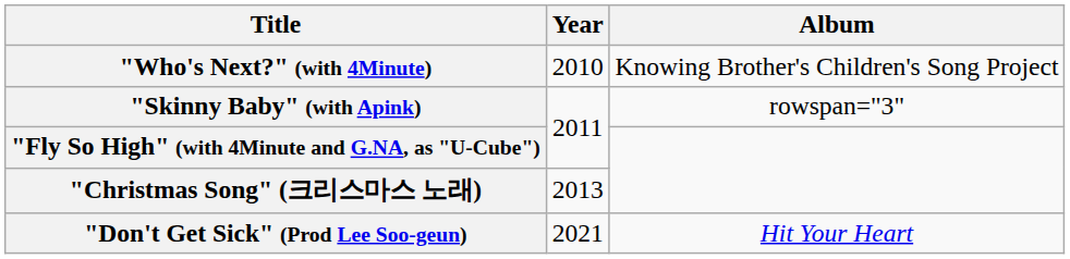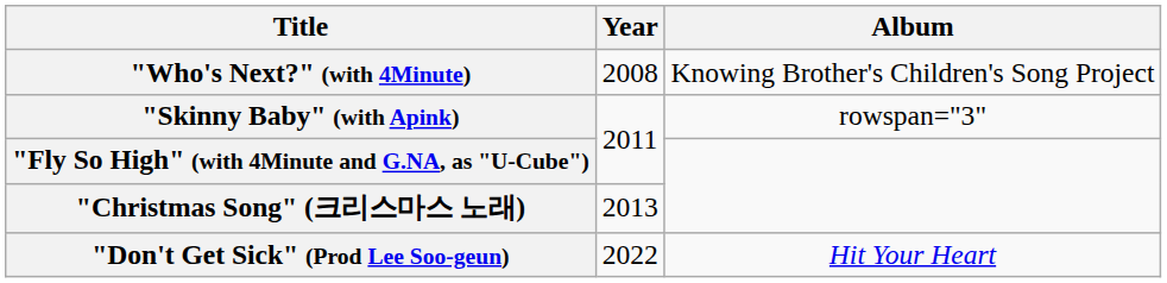 <table class="wikitable plainrowheaders" style="text-align:center;">
 <tr>
 <th>Title</th>
 <th>Year</th>
 <th>Album</th>
 </tr>
 <tr>
 <th scope="row">"Who's Next?" <small>(with <a href='#'>4Minute</a>)</small></th>
-<td>2010</td>
+<td>2008</td>
 <td>Knowing Brother's Children's Song Project</td>
 </tr>
 <tr>
 <th scope="row">"Skinny Baby" <small>(with <a href='#'>Apink</a>)</small></th>
 <td rowspan="2">2011</td>
 <td>rowspan="3" </td>
 </tr>
 <tr>
 <th scope="row">"Fly So High" <small>(with 4Minute and <a href='#'>G.NA</a>, as "U-Cube")</small></th>
 </tr>
 <tr>
 <th scope="row">"Christmas Song" (크리스마스 노래) </th>
 <td>2013</td>
 </tr>
 <tr>
 <th scope="row">"Don't Get Sick" <small>(Prod <a href='#'>Lee Soo-geun</a>)</small></th>
-<td>2021</td>
+<td>2022</td>
 <td><em><a href='#'>Hit Your Heart</a></em></td>
 </tr>
 </table>
